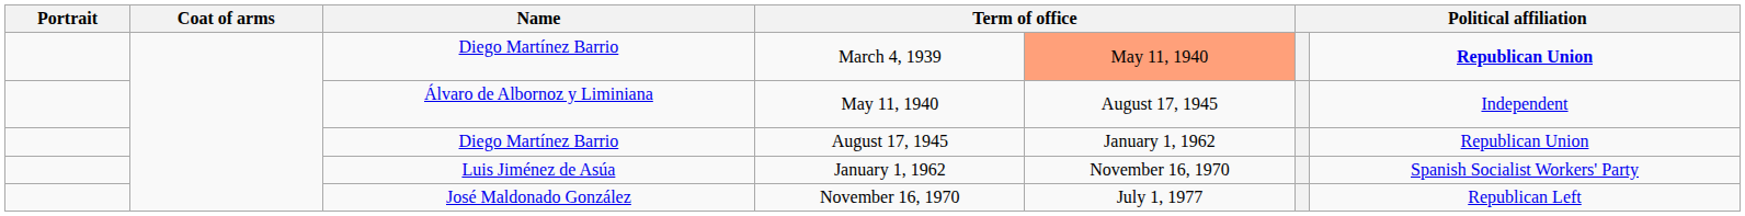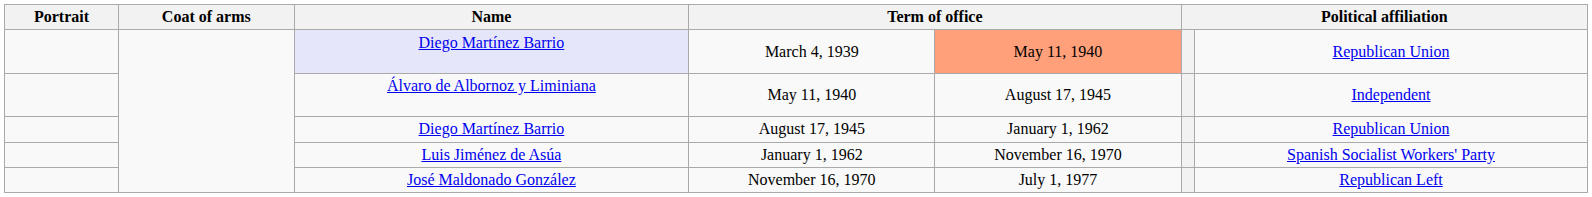 <table style="text-align:center; width:100%" class="wikitable">
 <tr>
 <th>Portrait</th>
 <th>Coat of arms</th>
 <th>Name<br></th>
 <th colspan=2>Term of office</th>
 <th colspan=2>Political affiliation</th>
 </tr>
 <tr>
 <td></td>
 <td rowspan="5"></td>
-<td><a href='#'>Diego Martínez Barrio</a><br><br></td>
+<td style="background: lavender;"><a href='#'>Diego Martínez Barrio</a><br><br></td>
 <td>March 4, 1939</td>
 <td style="background: lightsalmon;">May 11, 1940</td>
 <th style="background:"></th>
-<td><strong><a href='#'>Republican Union</a></strong></td>
+<td><a href='#'>Republican Union</a></td>
 </tr>
 <tr>
 <td></td>
 <td><a href='#'>Álvaro de Albornoz y Liminiana</a><br><br></td>
 <td>May 11, 1940</td>
 <td>August 17, 1945</td>
 <th style="background:"></th>
 <td><a href='#'>Independent</a></td>
 </tr>
 <tr>
 <td></td>
 <td><a href='#'>Diego Martínez Barrio</a><br></td>
 <td>August 17, 1945</td>
 <td>January 1, 1962</td>
 <th style="background:"></th>
 <td><a href='#'>Republican Union</a></td>
 </tr>
 <tr>
 <td></td>
 <td><a href='#'>Luis Jiménez de Asúa</a><br></td>
 <td>January 1, 1962</td>
 <td>November 16, 1970</td>
 <th style="background:"></th>
 <td><a href='#'>Spanish Socialist Workers' Party</a></td>
 </tr>
 <tr>
 <td></td>
 <td><a href='#'>José Maldonado González</a><br></td>
 <td>November 16, 1970</td>
 <td>July 1, 1977</td>
 <th style="background:"></th>
 <td><a href='#'>Republican Left</a></td>
 </tr>
 </table>
